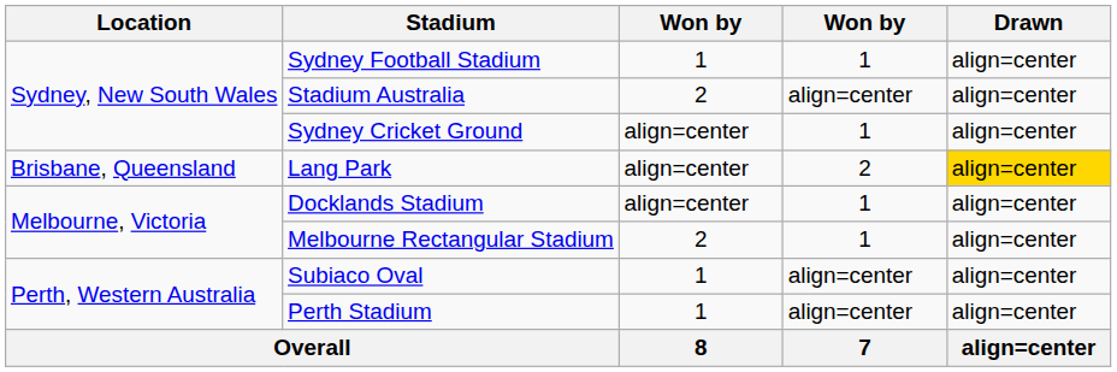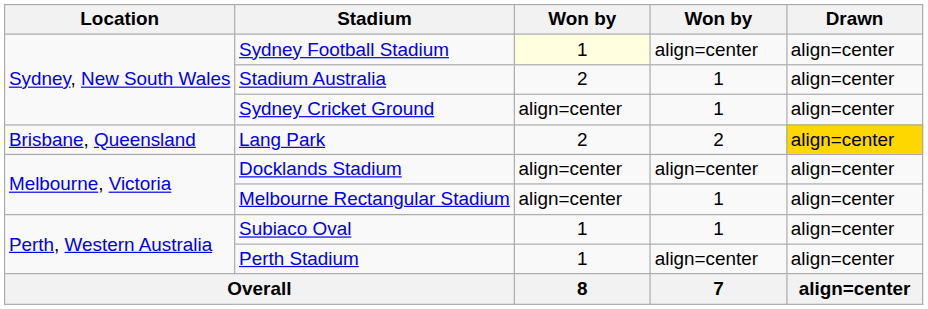 <table class="wikitable">
 <tr>
 <th>Location</th>
 <th>Stadium</th>
 <th width=108px>Won by </th>
 <th width=108px>Won by </th>
 <th width=108px>Drawn</th>
 </tr>
 <tr>
 <td rowspan=3><a href='#'>Sydney</a>, <a href='#'>New South Wales</a></td>
 <td><a href='#'>Sydney Football Stadium</a></td>
-<td align=center>1</td>
-<td align=center>1</td>
+<td align=center style="background: lightyellow;">1</td>
+<td>align=center </td>
 <td>align=center </td>
 </tr>
 <tr>
 <td><a href='#'>Stadium Australia</a></td>
 <td align=center>2</td>
-<td>align=center </td>
+<td align=center>1</td>
 <td>align=center </td>
 </tr>
 <tr>
 <td><a href='#'>Sydney Cricket Ground</a></td>
 <td>align=center </td>
 <td align=center>1</td>
 <td>align=center </td>
 </tr>
 <tr>
 <td><a href='#'>Brisbane</a>, <a href='#'>Queensland</a></td>
 <td><a href='#'>Lang Park</a></td>
-<td>align=center </td>
+<td align=center>2</td>
 <td align=center>2</td>
 <td style="background: gold;">align=center </td>
 </tr>
 <tr>
 <td rowspan=2><a href='#'>Melbourne</a>, <a href='#'>Victoria</a></td>
 <td><a href='#'>Docklands Stadium</a></td>
 <td>align=center </td>
-<td align=center>1</td>
+<td>align=center </td>
 <td>align=center </td>
 </tr>
 <tr>
 <td><a href='#'>Melbourne Rectangular Stadium</a></td>
-<td align=center>2</td>
+<td>align=center </td>
 <td align=center>1</td>
 <td>align=center </td>
 </tr>
 <tr>
 <td rowspan=2><a href='#'>Perth</a>, <a href='#'>Western Australia</a></td>
 <td><a href='#'>Subiaco Oval</a></td>
 <td align=center>1</td>
-<td>align=center </td>
+<td align=center>1</td>
 <td>align=center </td>
 </tr>
 <tr>
 <td><a href='#'>Perth Stadium</a></td>
 <td align=center>1</td>
 <td>align=center </td>
 <td>align=center </td>
 </tr>
 <tr>
 <th colspan=2>Overall</th>
 <th align=center>8</th>
 <th align=center>7</th>
 <th>align=center </th>
 </tr>
 </table>
